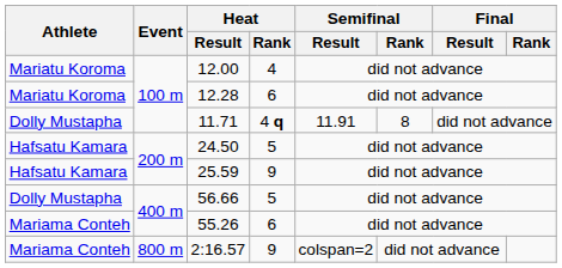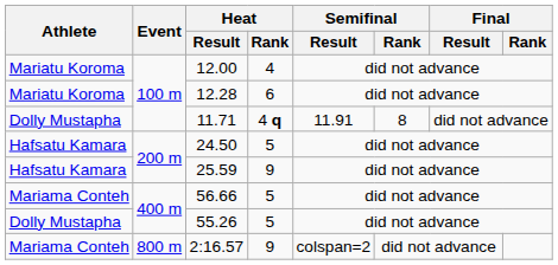 <table class="wikitable" style="font-size:90%">
 <tr>
 <th rowspan=2>Athlete</th>
 <th rowspan=2>Event</th>
 <th colspan=2>Heat</th>
 <th colspan=2>Semifinal</th>
 <th colspan=2>Final</th>
 </tr>
 <tr style="font-size:95%">
 <th>Result</th>
 <th>Rank</th>
 <th>Result</th>
 <th>Rank</th>
 <th>Result</th>
 <th>Rank</th>
 </tr>
 <tr align=center>
 <td align=left><a href='#'>Mariatu Koroma</a></td>
 <td align=left rowspan=3><a href='#'>100 m</a></td>
 <td>12.00</td>
 <td>4</td>
 <td colspan=4>did not advance</td>
 </tr>
 <tr align=center>
 <td align=left><a href='#'>Mariatu Koroma</a></td>
 <td>12.28</td>
 <td>6</td>
 <td colspan=4>did not advance</td>
 </tr>
 <tr align=center>
 <td align=left><a href='#'>Dolly Mustapha</a></td>
 <td>11.71</td>
 <td>4 <strong>q</strong></td>
 <td>11.91</td>
 <td>8</td>
 <td colspan=2>did not advance</td>
 </tr>
 <tr align=center>
 <td align=left><a href='#'>Hafsatu Kamara</a></td>
 <td align=left rowspan=2><a href='#'>200 m</a></td>
 <td>24.50</td>
 <td>5</td>
 <td colspan=4>did not advance</td>
 </tr>
 <tr align=center>
 <td align=left><a href='#'>Hafsatu Kamara</a></td>
 <td>25.59</td>
 <td>9</td>
 <td colspan=4>did not advance</td>
 </tr>
 <tr align=center>
-<td align=left><a href='#'>Dolly Mustapha</a></td>
+<td align=left><a href='#'>Mariama Conteh</a></td>
 <td align=left rowspan=2><a href='#'>400 m</a></td>
 <td>56.66</td>
 <td>5</td>
 <td colspan=4>did not advance</td>
 </tr>
 <tr align=center>
-<td align=left><a href='#'>Mariama Conteh</a></td>
+<td align=left><a href='#'>Dolly Mustapha</a></td>
 <td>55.26</td>
-<td>6</td>
+<td>5</td>
 <td colspan=4>did not advance</td>
 </tr>
 <tr align=center>
 <td align=left><a href='#'>Mariama Conteh</a></td>
 <td align=left><a href='#'>800 m</a></td>
 <td>2:16.57</td>
 <td>9</td>
 <td>colspan=2</td>
 <td colspan=2>did not advance</td>
 </tr>
 </table>
